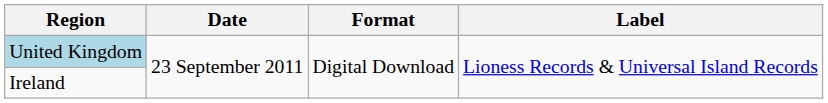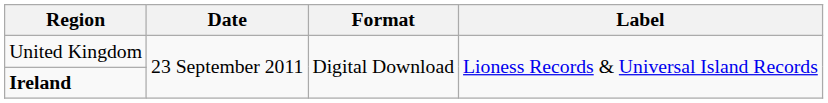 <table class=wikitable>
 <tr>
 <th>Region</th>
 <th>Date</th>
 <th>Format</th>
 <th>Label</th>
 </tr>
 <tr>
-<td style="background: lightblue;">United Kingdom</td>
+<td>United Kingdom</td>
 <td rowspan="2">23 September 2011</td>
 <td rowspan="2">Digital Download</td>
 <td rowspan="2"><a href='#'>Lioness Records</a> & <a href='#'>Universal Island Records</a></td>
 </tr>
 <tr>
-<td>Ireland</td>
+<td><strong>Ireland</strong></td>
 </tr>
 </table>
